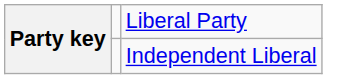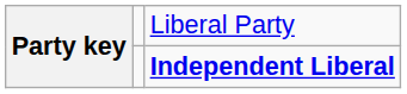 <table class=wikitable>
 <tr>
 <th rowspan=2>Party key</th>
 <td bgcolor=></td>
 <td><a href='#'>Liberal Party</a></td>
 </tr>
 <tr>
 <td bgcolor=></td>
-<td><a href='#'>Independent Liberal</a></td>
+<td><strong><a href='#'>Independent Liberal</a></strong></td>
 </tr>
 </table>
